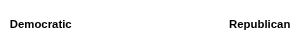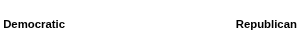 <table style="width:70%; text-align:center;">
 <tr style="color:white;">
 <td style="background:"><strong>44</strong></td>
+<td style="background:"><strong>4</strong></td>
 <td style="background:"><strong>147</strong></td>
 </tr>
 <tr>
 <td><span><strong>Democratic</strong></span></td>
+<td></td>
 <td><span><strong>Republican</strong></span></td>
 </tr>
 </table>
